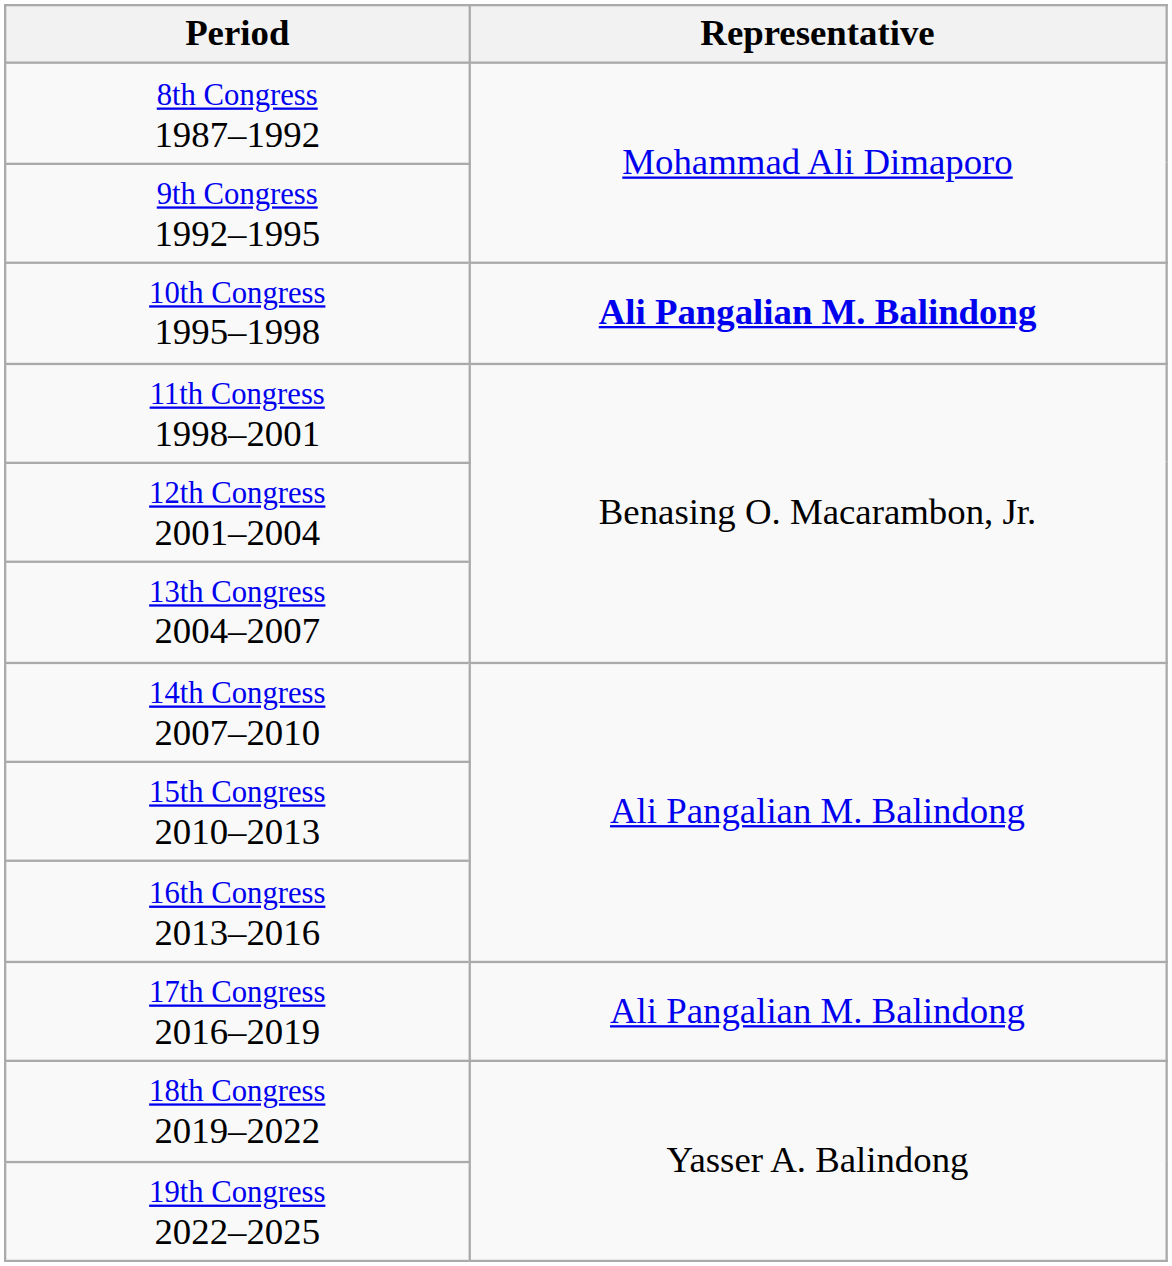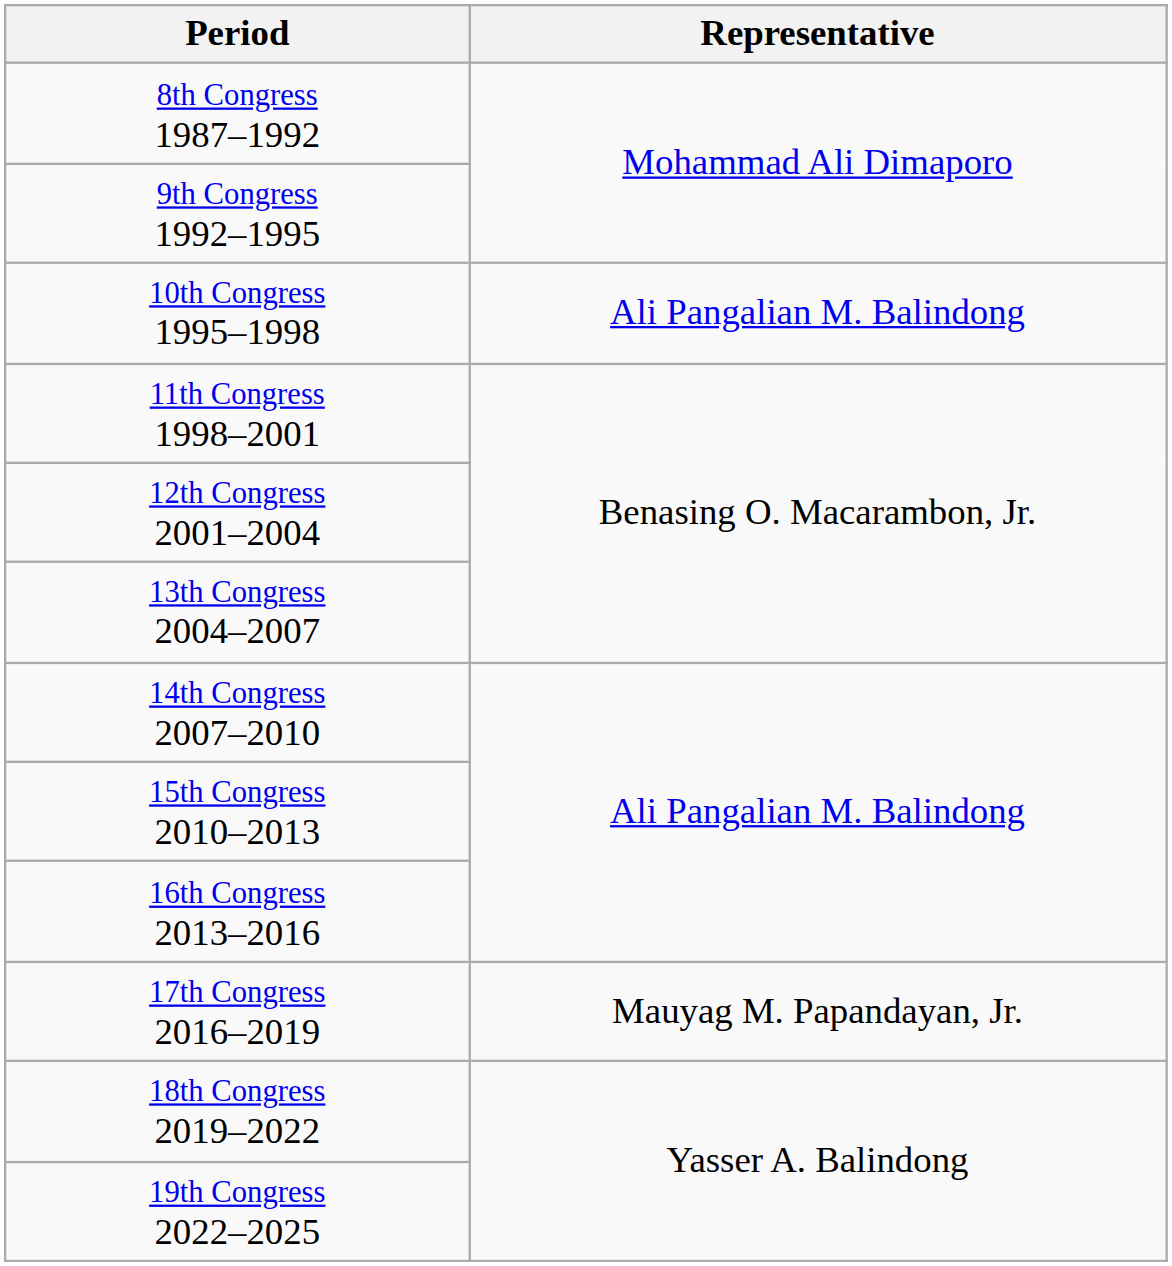 <table class="wikitable" style="text-align:center; width:40%;">
 <tr>
 <th width="40%">Period</th>
 <th>Representative</th>
 </tr>
 <tr>
 <td><small><a href='#'>8th Congress</a></small><br>1987–1992</td>
 <td rowspan="2"><a href='#'>Mohammad Ali Dimaporo</a></td>
 </tr>
 <tr>
 <td><small><a href='#'>9th Congress</a></small><br>1992–1995</td>
 </tr>
 <tr>
 <td><small><a href='#'>10th Congress</a></small><br>1995–1998</td>
-<td><strong><a href='#'>Ali Pangalian M. Balindong</a></strong></td>
+<td><a href='#'>Ali Pangalian M. Balindong</a></td>
 </tr>
 <tr>
 <td><small><a href='#'>11th Congress</a></small><br>1998–2001</td>
 <td rowspan="3">Benasing O. Macarambon, Jr.</td>
 </tr>
 <tr>
 <td><small><a href='#'>12th Congress</a></small><br>2001–2004</td>
 </tr>
 <tr>
 <td><small><a href='#'>13th Congress</a></small><br>2004–2007</td>
 </tr>
 <tr>
 <td><small><a href='#'>14th Congress</a></small><br>2007–2010</td>
 <td rowspan="3"><a href='#'>Ali Pangalian M. Balindong</a></td>
 </tr>
 <tr>
 <td><small><a href='#'>15th Congress</a></small><br>2010–2013</td>
 </tr>
 <tr>
 <td><small><a href='#'>16th Congress</a></small><br>2013–2016</td>
 </tr>
 <tr>
 <td><small><a href='#'>17th Congress</a></small><br>2016–2019</td>
-<td><a href='#'>Ali Pangalian M. Balindong</a></td>
+<td>Mauyag M. Papandayan, Jr.</td>
 </tr>
 <tr>
 <td><small><a href='#'>18th Congress</a></small><br>2019–2022</td>
 <td rowspan="2'">Yasser A. Balindong</td>
 </tr>
 <tr>
 <td><small><a href='#'>19th Congress</a></small><br>2022–2025</td>
 </tr>
 </table>
